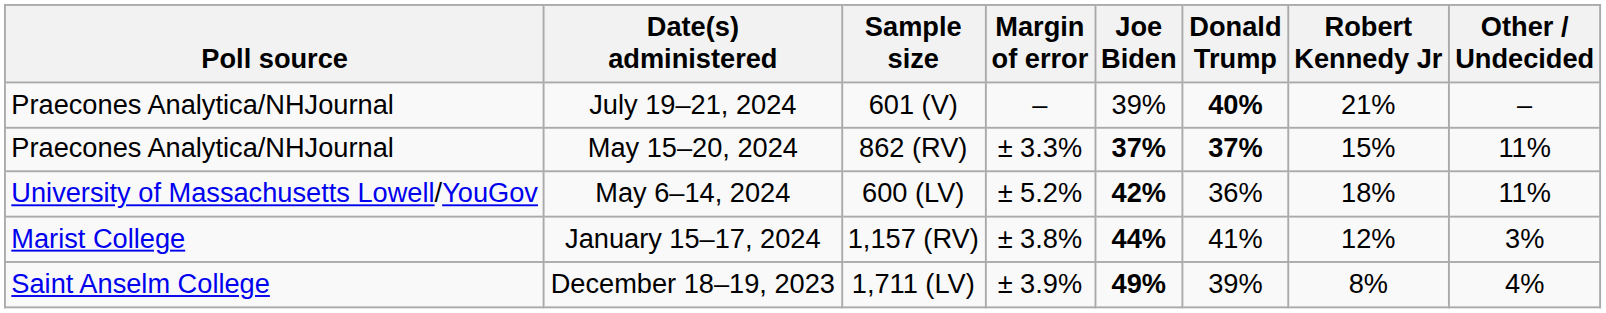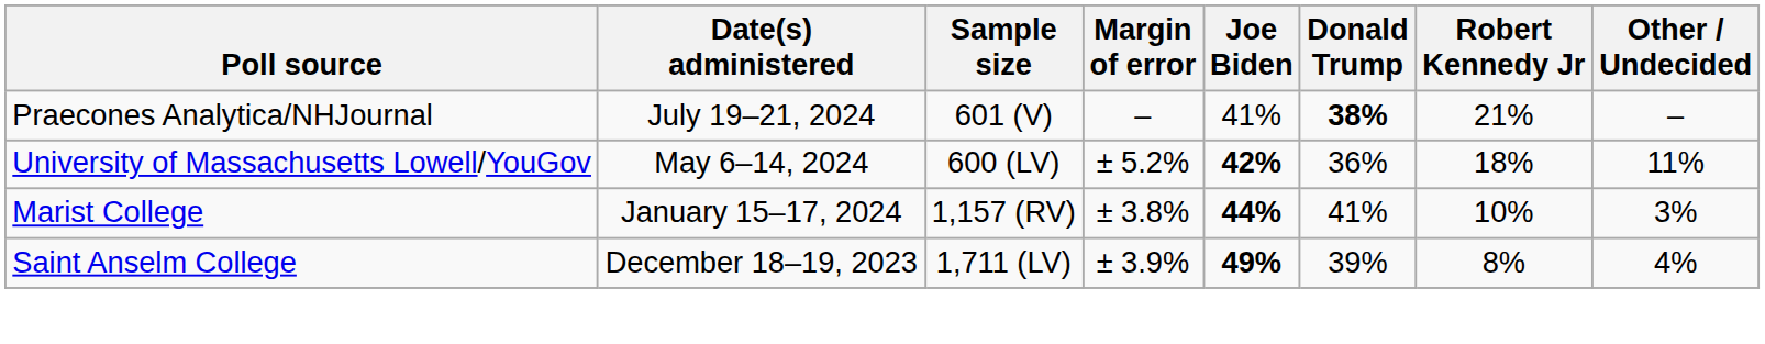 <table class="wikitable sortable mw-datatable" style="font-size:90%;text-align:center;line-height:17px">
 <tr valign=bottom>
 <th>Poll source</th>
 <th>Date(s)<br>administered</th>
 <th>Sample<br>size</th>
 <th>Margin<br>of error</th>
 <th class="unsortable">Joe<br>Biden<br></th>
 <th class="unsortable">Donald<br>Trump<br></th>
 <th class="unsortable">Robert<br>Kennedy Jr<br></th>
 <th class="unsortable">Other /<br>Undecided</th>
 </tr>
 <tr>
 <td style="text-align:left;">Praecones Analytica/NHJournal</td>
 <td data-sort-value="2024-07-21">July 19–21, 2024</td>
 <td>601 (V)</td>
 <td>–</td>
-<td>39%</td>
-<td style="background-color:"><strong>40%</strong></td>
+<td>41%</td>
+<td style="background-color:"><strong>38%</strong></td>
 <td>21%</td>
 <td>–</td>
-</tr>
-<tr>
-<td style="text-align:left;">Praecones Analytica/NHJournal</td>
-<td data-sort-value="2024-05-21">May 15–20, 2024</td>
-<td>862 (RV)</td>
-<td>± 3.3%</td>
-<td><strong>37%</strong></td>
-<td><strong>37%</strong></td>
-<td>15%</td>
-<td>11%</td>
 </tr>
 <tr>
 <td style="text-align:left;"><a href='#'>University of Massachusetts Lowell</a>/<a href='#'>YouGov</a></td>
 <td data-sort-value="2024-05-22">May 6–14, 2024</td>
 <td>600 (LV)</td>
 <td>± 5.2%</td>
 <td style="color:black;background-color:"><strong>42%</strong></td>
 <td>36%</td>
 <td>18%</td>
 <td>11%</td>
 </tr>
 <tr>
 <td style="text-align:left;"><a href='#'>Marist College</a></td>
 <td data-sort-value="2024-01-19">January 15–17, 2024</td>
 <td>1,157 (RV)</td>
 <td>± 3.8%</td>
 <td style="color:black;background-color:"><strong>44%</strong></td>
 <td>41%</td>
-<td>12%</td>
+<td>10%</td>
 <td>3%</td>
 </tr>
 <tr>
 <td style="text-align:left;"><a href='#'>Saint Anselm College</a></td>
 <td data-sort-value="2023-11-15">December 18–19, 2023</td>
 <td>1,711 (LV)</td>
 <td>± 3.9%</td>
 <td style="color:black;background-color:"><strong>49%</strong></td>
 <td>39%</td>
 <td>8%</td>
 <td>4%</td>
 </tr>
 </table>
